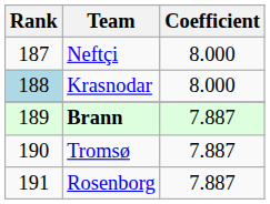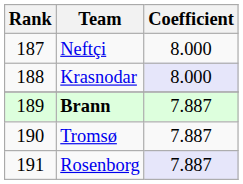 <table class="wikitable" style="text-align: center;">
 <tr>
 <th>Rank</th>
 <th>Team</th>
 <th>Coefficient</th>
 </tr>
 <tr>
 <td>187</td>
 <td align=left> <a href='#'>Neftçi</a></td>
 <td>8.000</td>
 </tr>
 <tr>
-<td style="background: lightblue;">188</td>
+<td>188</td>
 <td align=left> <a href='#'>Krasnodar</a></td>
-<td>8.000</td>
+<td style="background: lavender;">8.000</td>
 </tr>
 <tr>
 </tr>
 <tr bgcolor="#ddffdd">
 <td>189</td>
 <td align=left> <strong>Brann</strong></td>
 <td>7.887</td>
 </tr>
 <tr>
 <td>190</td>
 <td align=left> <a href='#'>Tromsø</a></td>
 <td>7.887</td>
 </tr>
 <tr>
 <td>191</td>
 <td align=left> <a href='#'>Rosenborg</a></td>
-<td>7.887</td>
+<td style="background: lavender;">7.887</td>
 </tr>
 </table>
